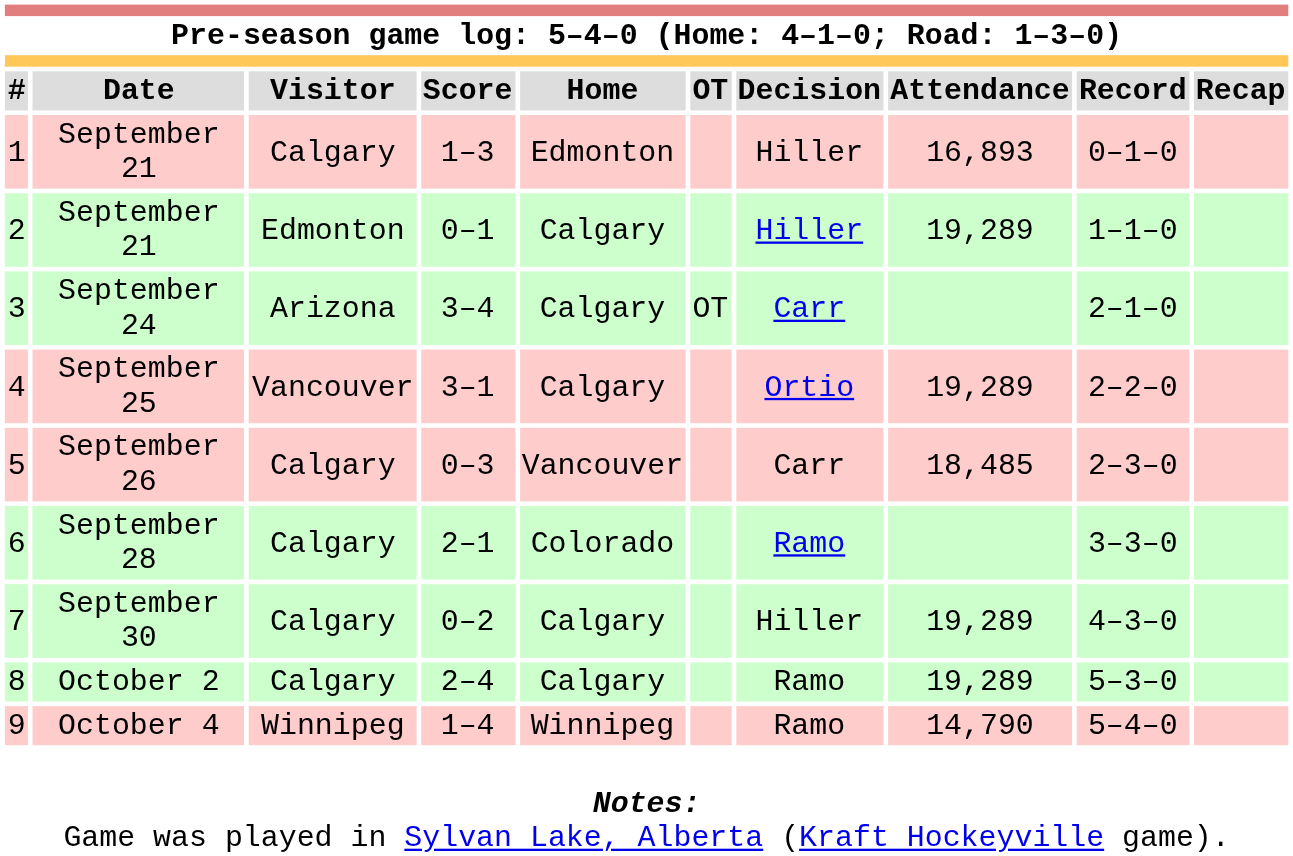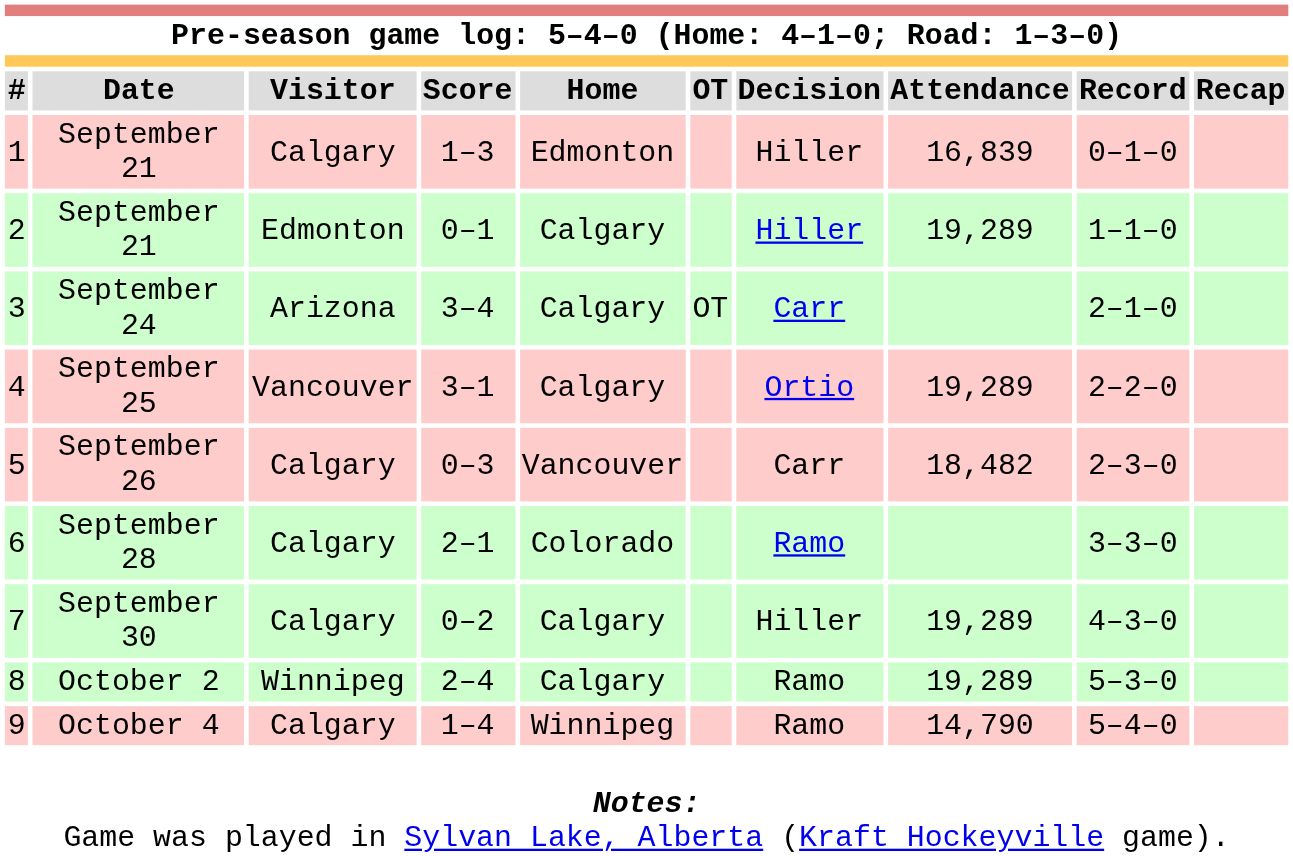 <table class="toccolours collapsible collapsed" style="width:90%; clear:both; margin:1.5em auto; text-align:center;">
 <tr>
 <th colspan=10 style="background:#fff; border-top:#E17E7E 5px solid; border-bottom:#FFC859 5px solid;">Pre-season game log: 5–4–0 (Home: 4–1–0; Road: 1–3–0)</th>
 </tr>
 <tr style="text-align:center; background:#ddd;">
 <th>#</th>
 <th>Date</th>
 <th>Visitor</th>
 <th>Score</th>
 <th>Home</th>
 <th>OT</th>
 <th>Decision</th>
 <th>Attendance</th>
 <th>Record</th>
 <th>Recap</th>
 </tr>
 <tr style="text-align:center; background:#fcc;">
 <td>1</td>
 <td>September 21</td>
 <td>Calgary</td>
 <td>1–3</td>
 <td>Edmonton</td>
 <td></td>
 <td>Hiller</td>
-<td>16,893</td>
+<td>16,839</td>
 <td>0–1–0</td>
 <td></td>
 </tr>
 <tr style="text-align:center; background:#cfc;">
 <td>2</td>
 <td>September 21</td>
 <td>Edmonton</td>
 <td>0–1</td>
 <td>Calgary</td>
 <td></td>
 <td><a href='#'>Hiller</a></td>
 <td>19,289</td>
 <td>1–1–0</td>
 <td></td>
 </tr>
 <tr style="text-align:center; background:#cfc;">
 <td>3</td>
 <td>September 24</td>
 <td>Arizona</td>
 <td>3–4</td>
 <td>Calgary</td>
 <td>OT</td>
 <td><a href='#'>Carr</a></td>
 <td></td>
 <td>2–1–0</td>
 <td></td>
 </tr>
 <tr style="text-align:center; background:#fcc;">
 <td>4</td>
 <td>September 25</td>
 <td>Vancouver</td>
 <td>3–1</td>
 <td>Calgary</td>
 <td></td>
 <td><a href='#'>Ortio</a></td>
 <td>19,289</td>
 <td>2–2–0</td>
 <td></td>
 </tr>
 <tr style="text-align:center; background:#fcc;">
 <td>5</td>
 <td>September 26</td>
 <td>Calgary</td>
 <td>0–3</td>
 <td>Vancouver</td>
 <td></td>
 <td>Carr</td>
-<td>18,485</td>
+<td>18,482</td>
 <td>2–3–0</td>
 <td></td>
 </tr>
 <tr style="text-align:center; background:#cfc;">
 <td>6</td>
 <td>September 28</td>
 <td>Calgary</td>
 <td>2–1</td>
 <td>Colorado</td>
 <td></td>
 <td><a href='#'>Ramo</a></td>
 <td></td>
 <td>3–3–0</td>
 <td></td>
 </tr>
 <tr style="text-align:center; background:#cfc;">
 <td>7</td>
 <td>September 30</td>
 <td>Calgary</td>
 <td>0–2</td>
 <td>Calgary</td>
 <td></td>
 <td>Hiller</td>
 <td>19,289</td>
 <td>4–3–0</td>
 <td></td>
 </tr>
 <tr style="text-align:center; background:#cfc;">
 <td>8</td>
 <td>October 2</td>
-<td>Calgary</td>
+<td>Winnipeg</td>
 <td>2–4</td>
 <td>Calgary</td>
 <td></td>
 <td>Ramo</td>
 <td>19,289</td>
 <td>5–3–0</td>
 <td></td>
 </tr>
 <tr style="text-align:center; background:#fcc;">
 <td>9</td>
 <td>October 4</td>
-<td>Winnipeg</td>
+<td>Calgary</td>
 <td>1–4</td>
 <td>Winnipeg</td>
 <td></td>
 <td>Ramo</td>
 <td>14,790</td>
 <td>5–4–0</td>
 <td></td>
 </tr>
 <tr>
 <td colspan="10" style="text-align:center;"><br><strong><em>Notes:</em></strong><br> Game was played in <a href='#'>Sylvan Lake, Alberta</a> (<a href='#'>Kraft Hockeyville</a> game).</td>
 </tr>
 </table>
